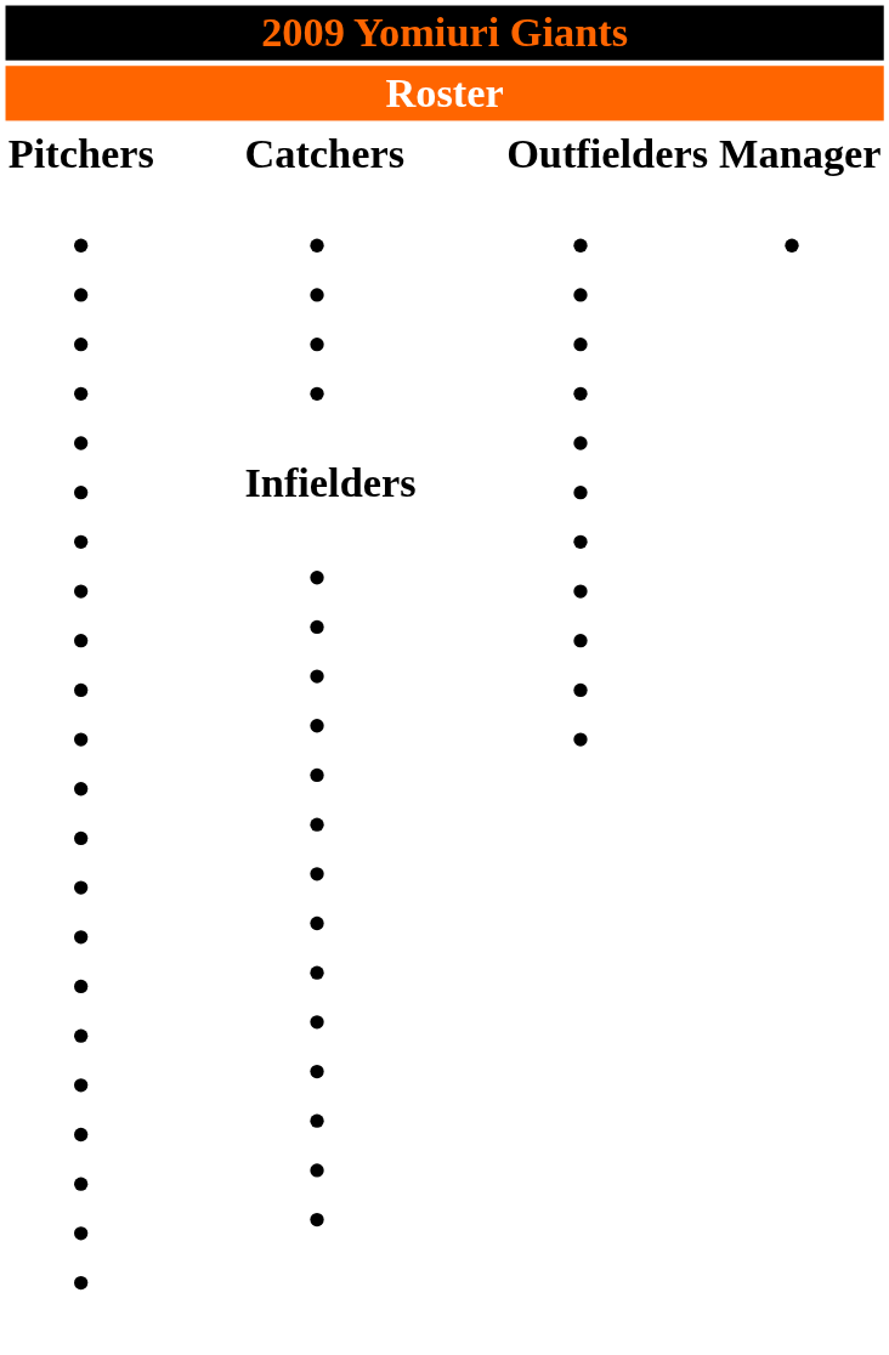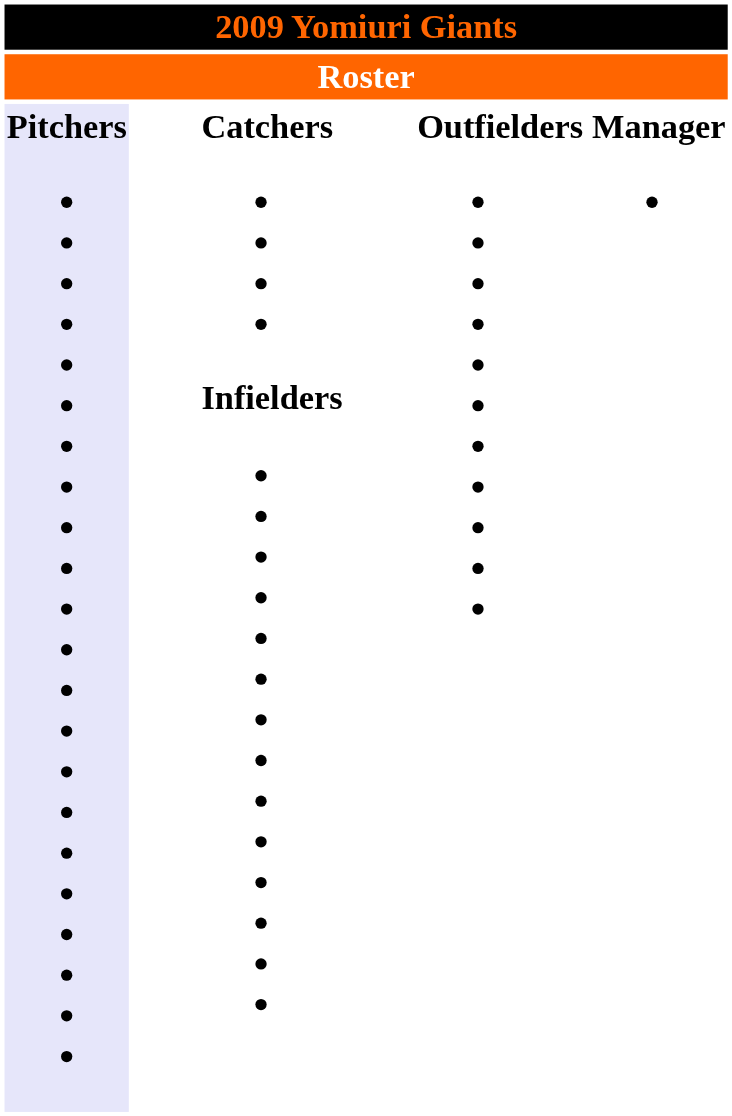 <table class="toccolours" style="font-size: 95%;">
 <tr>
 <th colspan="10" style="background-color: black; color: #ff6500; text-align: center;">2009 Yomiuri Giants</th>
 </tr>
 <tr>
 <td colspan="10" style="background-color: #ff6500; color: white; text-align: center;"><strong>Roster</strong></td>
 </tr>
 <tr>
-<td valign="top"><strong>Pitchers</strong><br><ul><li></li><li></li><li></li><li></li><li></li><li></li><li></li><li></li><li></li><li></li><li></li><li></li><li></li><li></li><li></li><li></li><li></li><li></li><li></li><li></li><li></li><li></li></ul></td>
+<td valign="top" style="background: lavender;"><strong>Pitchers</strong><br><ul><li></li><li></li><li></li><li></li><li></li><li></li><li></li><li></li><li></li><li></li><li></li><li></li><li></li><li></li><li></li><li></li><li></li><li></li><li></li><li></li><li></li><li></li></ul></td>
 <td width="25px"></td>
 <td valign="top"><strong>Catchers</strong><br><ul><li></li><li></li><li></li><li></li></ul><strong>Infielders</strong><ul><li></li><li></li><li></li><li></li><li></li><li></li><li></li><li></li><li></li><li></li><li></li><li></li><li></li><li></li></ul></td>
 <td width="25px"></td>
 <td valign="top"><strong>Outfielders</strong><br><ul><li></li><li></li><li></li><li></li><li></li><li></li><li></li><li></li><li></li><li></li><li></li></ul></td>
 <td valign="top"><strong>Manager</strong><br><ul><li></li></ul></td>
 </tr>
 </table>
